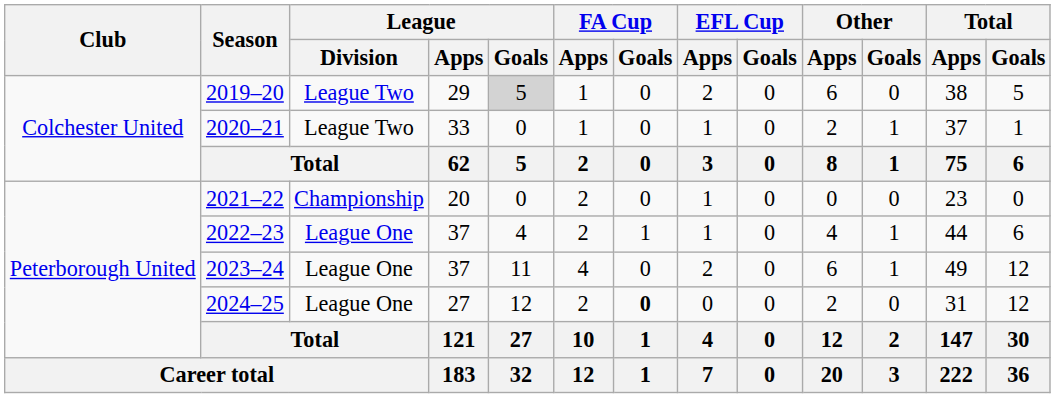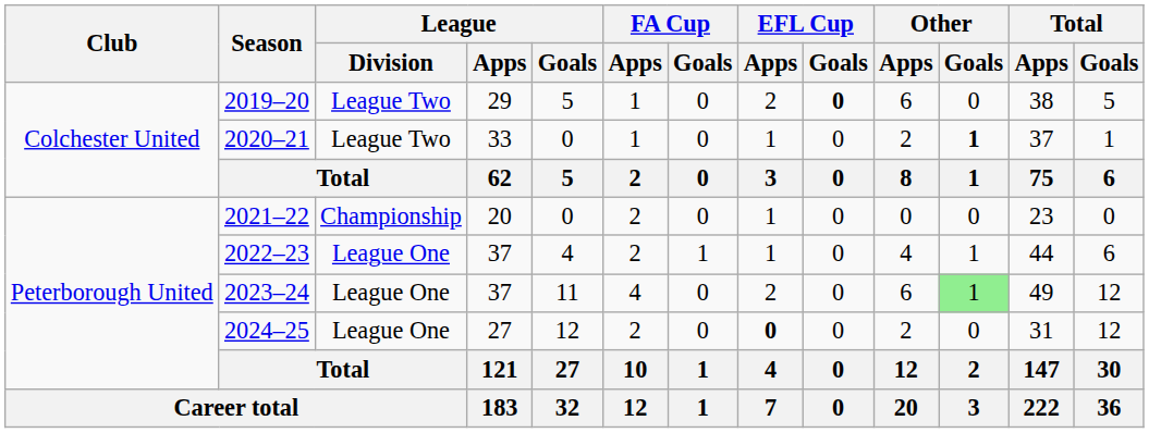 <table class="wikitable" style="text-align: center">
 <tr>
 <th rowspan="2">Club</th>
 <th rowspan="2">Season</th>
 <th colspan="3">League</th>
 <th colspan="2"><a href='#'>FA Cup</a></th>
 <th colspan="2"><a href='#'>EFL Cup</a></th>
 <th colspan="2">Other</th>
 <th colspan="2">Total</th>
 </tr>
 <tr>
 <th>Division</th>
 <th>Apps</th>
 <th>Goals</th>
 <th>Apps</th>
 <th>Goals</th>
 <th>Apps</th>
 <th>Goals</th>
 <th>Apps</th>
 <th>Goals</th>
 <th>Apps</th>
 <th>Goals</th>
 </tr>
 <tr>
 <td rowspan=3><a href='#'>Colchester United</a></td>
 <td><a href='#'>2019–20</a></td>
 <td><a href='#'>League Two</a></td>
 <td>29</td>
-<td style="background: lightgrey;">5</td>
+<td>5</td>
 <td>1</td>
 <td>0</td>
 <td>2</td>
-<td>0</td>
+<td><strong>0</strong></td>
 <td>6</td>
 <td>0</td>
 <td>38</td>
 <td>5</td>
 </tr>
 <tr>
 <td><a href='#'>2020–21</a></td>
 <td>League Two</td>
 <td>33</td>
 <td>0</td>
 <td>1</td>
 <td>0</td>
 <td>1</td>
 <td>0</td>
 <td>2</td>
-<td>1</td>
+<td><strong>1</strong></td>
 <td>37</td>
 <td>1</td>
 </tr>
 <tr>
 <th colspan="2">Total</th>
 <th>62</th>
 <th>5</th>
 <th>2</th>
 <th>0</th>
 <th>3</th>
 <th>0</th>
 <th>8</th>
 <th>1</th>
 <th>75</th>
 <th>6</th>
 </tr>
 <tr>
 <td rowspan="5"><a href='#'>Peterborough United</a></td>
 <td><a href='#'>2021–22</a></td>
 <td><a href='#'>Championship</a></td>
 <td>20</td>
 <td>0</td>
 <td>2</td>
 <td>0</td>
 <td>1</td>
 <td>0</td>
 <td>0</td>
 <td>0</td>
 <td>23</td>
 <td>0</td>
 </tr>
 <tr>
 <td><a href='#'>2022–23</a></td>
 <td><a href='#'>League One</a></td>
 <td>37</td>
 <td>4</td>
 <td>2</td>
 <td>1</td>
 <td>1</td>
 <td>0</td>
 <td>4</td>
 <td>1</td>
 <td>44</td>
 <td>6</td>
 </tr>
 <tr>
 <td><a href='#'>2023–24</a></td>
 <td>League One</td>
 <td>37</td>
 <td>11</td>
 <td>4</td>
 <td>0</td>
 <td>2</td>
 <td>0</td>
 <td>6</td>
-<td>1</td>
+<td style="background: lightgreen;">1</td>
 <td>49</td>
 <td>12</td>
 </tr>
 <tr>
 <td><a href='#'>2024–25</a></td>
 <td>League One</td>
 <td>27</td>
 <td>12</td>
 <td>2</td>
+<td>0</td>
 <td><strong>0</strong></td>
-<td>0</td>
 <td>0</td>
 <td>2</td>
 <td>0</td>
 <td>31</td>
 <td>12</td>
 </tr>
 <tr>
 <th colspan="2">Total</th>
 <th>121</th>
 <th>27</th>
 <th>10</th>
 <th>1</th>
 <th>4</th>
 <th>0</th>
 <th>12</th>
 <th>2</th>
 <th>147</th>
 <th>30</th>
 </tr>
 <tr>
 <th colspan="3">Career total</th>
 <th>183</th>
 <th>32</th>
 <th>12</th>
 <th>1</th>
 <th>7</th>
 <th>0</th>
 <th>20</th>
 <th>3</th>
 <th>222</th>
 <th>36</th>
 </tr>
 </table>
